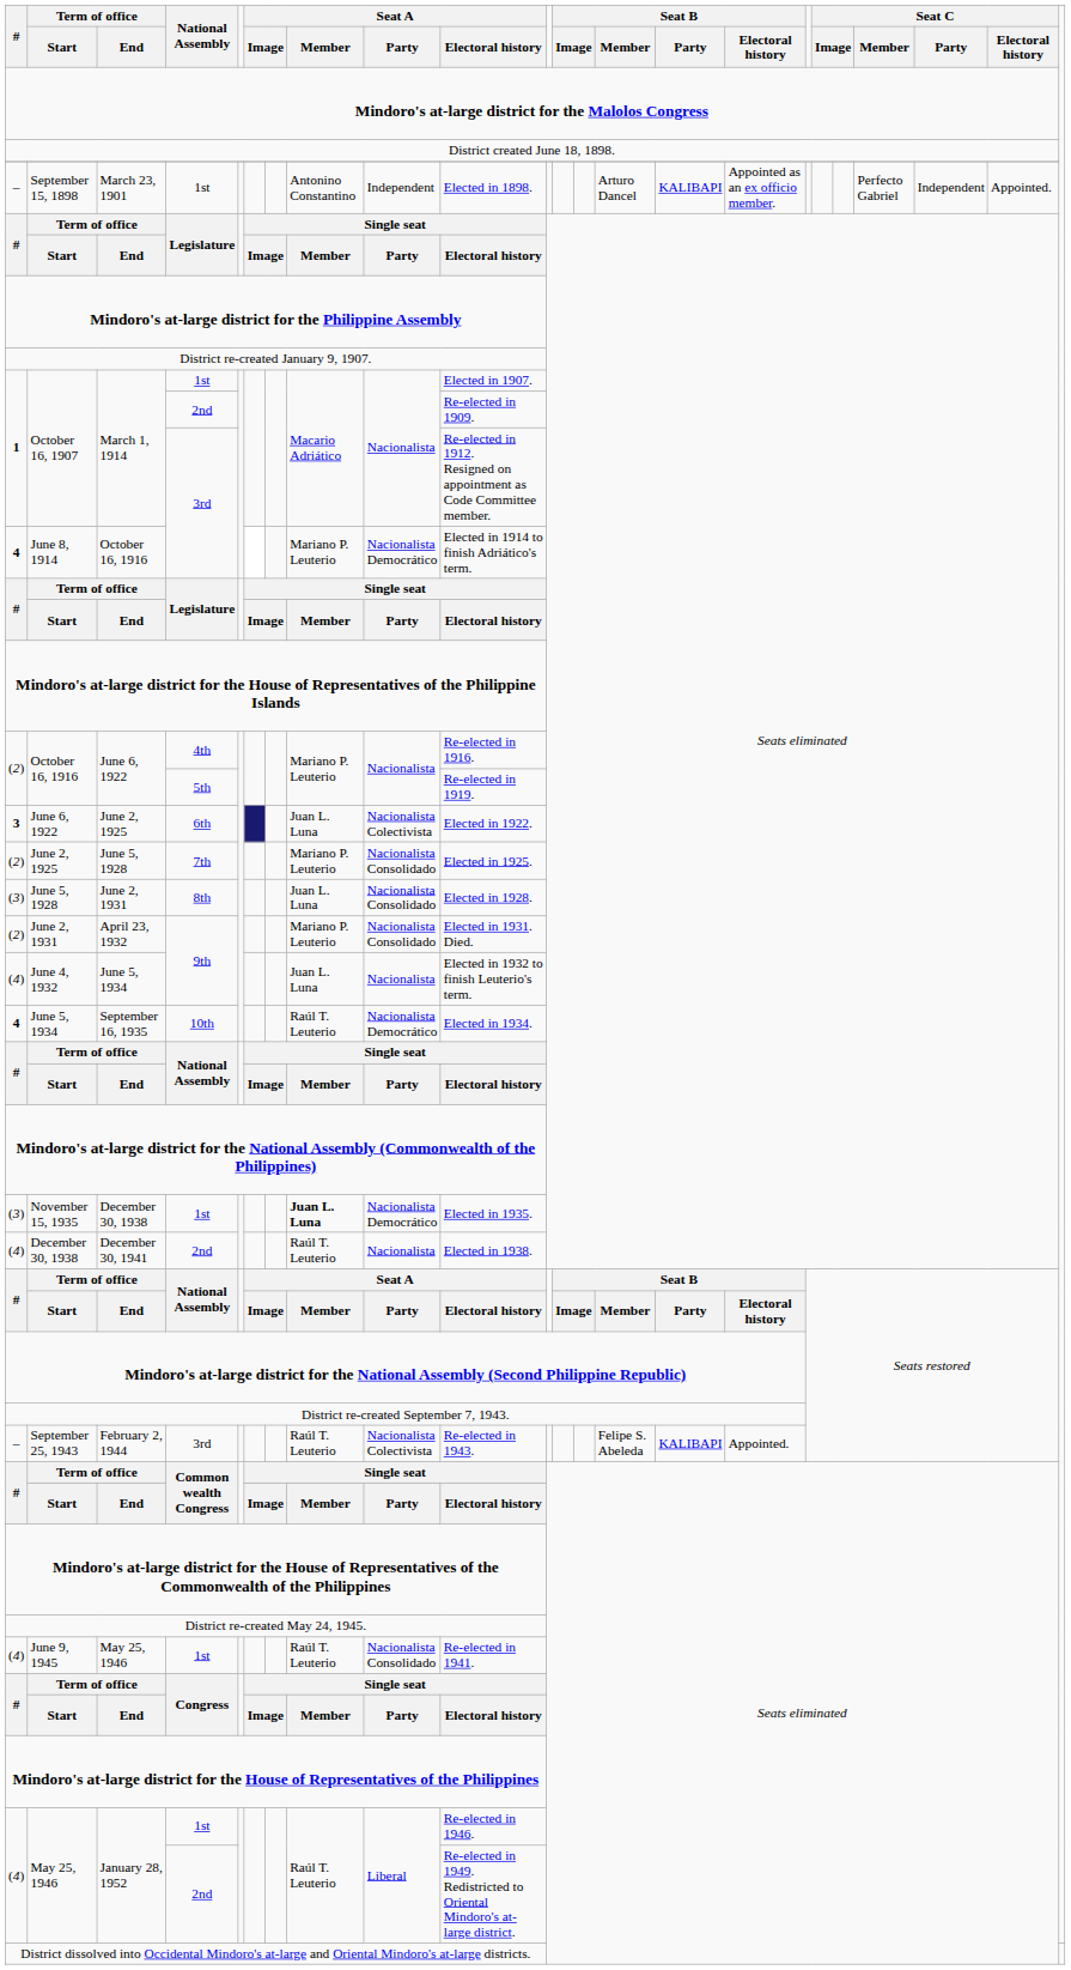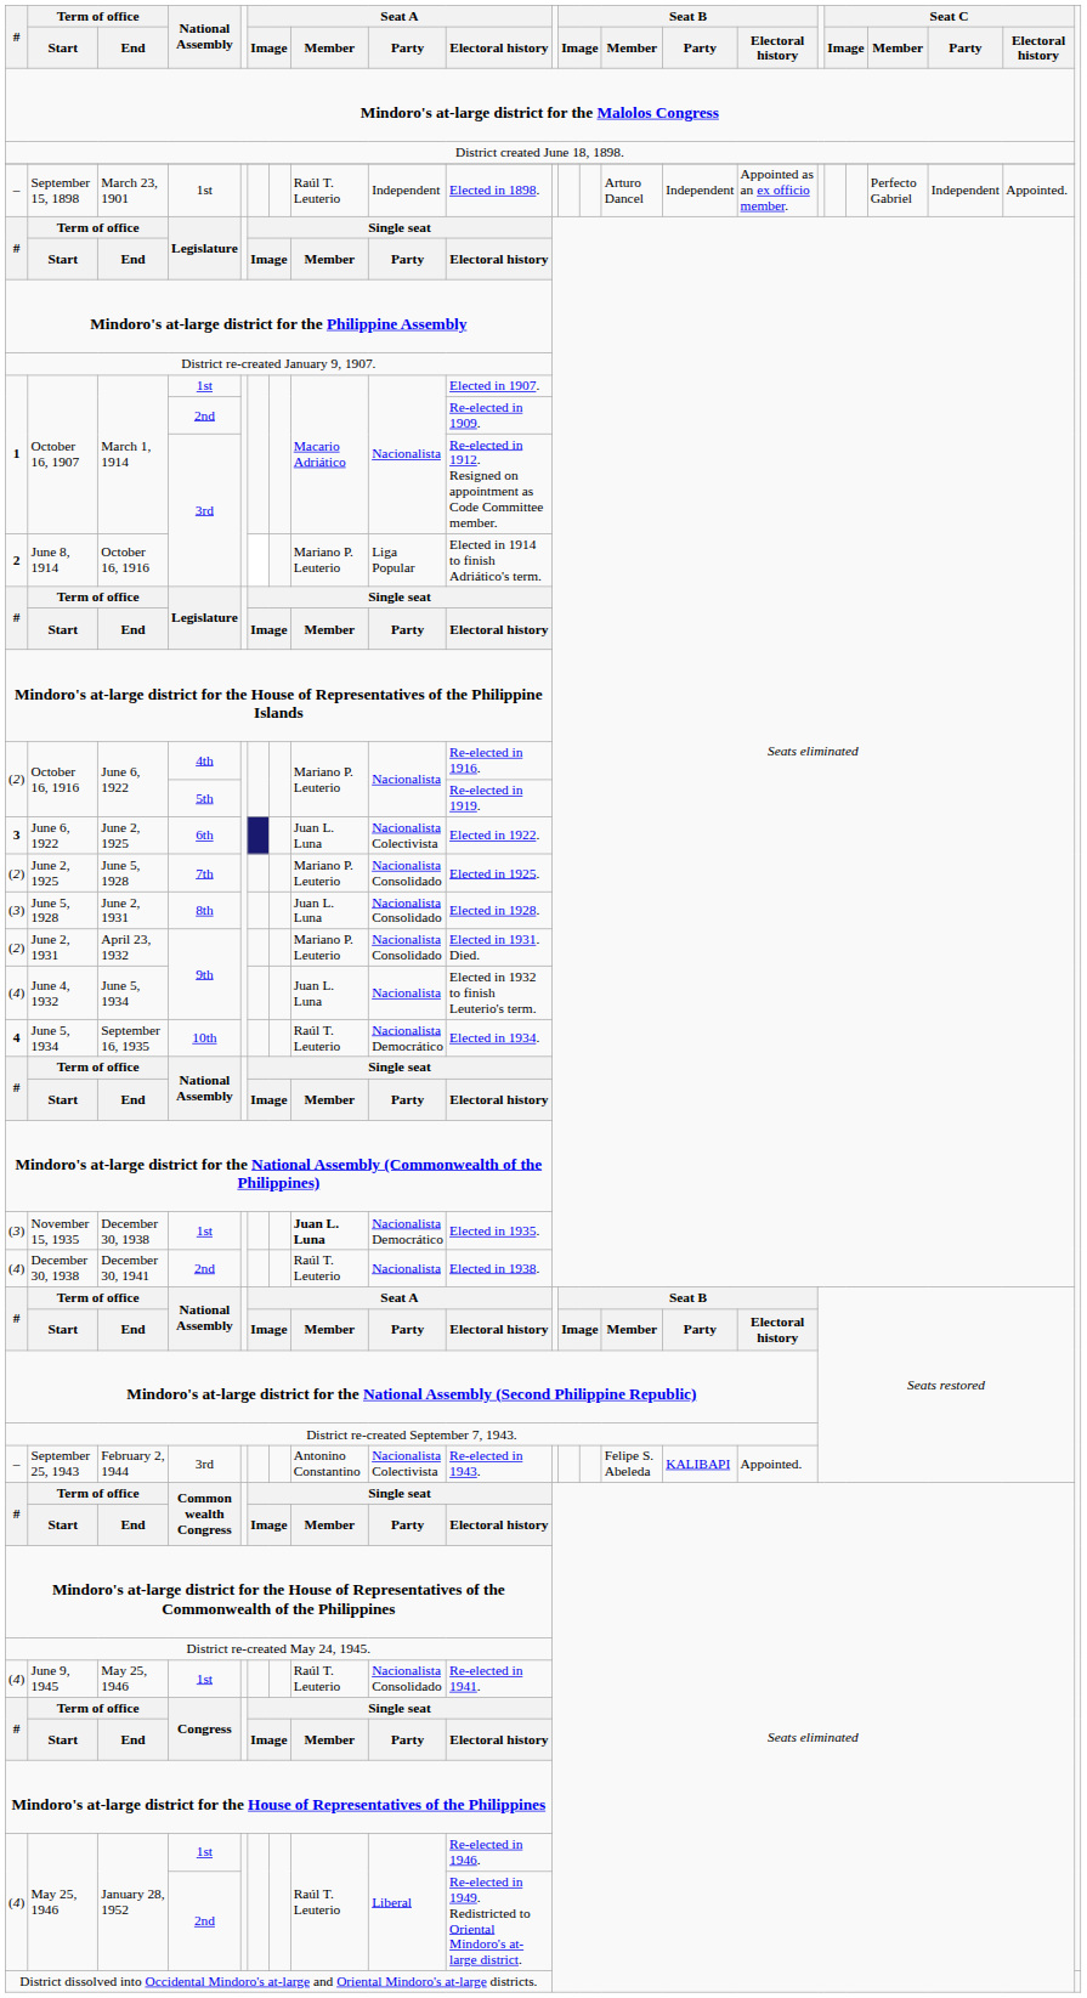 <table class=wikitable>
 <tr>
 <th rowspan=2>#</th>
 <th colspan=2>Term of office</th>
 <th rowspan=2>National<br>Assembly</th>
 <td rowspan=2></td>
 <th colspan=5>Seat A</th>
 <td rowspan=2></td>
 <th colspan=5>Seat B</th>
 <td rowspan=2></td>
 <th colspan=5>Seat C</th>
 </tr>
 <tr style="height:3em">
 <th>Start</th>
 <th>End</th>
 <th colspan="2" style="text-align:center;">Image</th>
 <th>Member</th>
 <th>Party</th>
 <th>Electoral history</th>
 <th colspan="2" style="text-align:center;">Image</th>
 <th>Member</th>
 <th>Party</th>
 <th>Electoral history</th>
 <th colspan="2" style="text-align:center;">Image</th>
 <th>Member</th>
 <th>Party</th>
 <th>Electoral history</th>
 </tr>
 <tr>
 <td colspan="22" style="text-align:center;"><br><h3>Mindoro's at-large district for the <a href='#'>Malolos Congress</a></h3></td>
 </tr>
 <tr>
 <td colspan="22" style="text-align:center;">District created June 18, 1898.</td>
 </tr>
 <tr>
 </tr>
 <tr style="height:3em">
 <td style="text-align:center;">–</td>
 <td>September 15, 1898</td>
 <td>March 23, 1901</td>
 <td style="text-align:center;">1st</td>
 <td></td>
 <td style="color:inherit;background:"></td>
 <td></td>
-<td>Antonino Constantino</td>
+<td>Raúl T. Leuterio</td>
 <td>Independent</td>
 <td><a href='#'>Elected in 1898</a>.</td>
 <td></td>
 <td style="color:inherit;background:"></td>
 <td></td>
 <td>Arturo Dancel</td>
-<td><a href='#'>KALIBAPI</a></td>
+<td>Independent</td>
 <td>Appointed as an <a href='#'>ex officio member</a>.</td>
 <td></td>
 <td style="color:inherit;background:"></td>
 <td></td>
 <td>Perfecto Gabriel</td>
 <td>Independent</td>
 <td>Appointed.</td>
 </tr>
 <tr>
 <th rowspan=2>#</th>
 <th colspan=2>Term of office</th>
 <th rowspan=2>Legislature</th>
 <td rowspan=2></td>
 <th colspan=5>Single seat</th>
 <td rowspan=24 colspan=12 style="text-align:center;"><em>Seats eliminated</em></td>
 </tr>
 <tr style="height:3em">
 <th>Start</th>
 <th>End</th>
 <th colspan="2" style="text-align:center;">Image</th>
 <th>Member</th>
 <th>Party</th>
 <th>Electoral history</th>
 </tr>
 <tr>
 <td colspan="10" style="text-align:center;"><br><h3>Mindoro's at-large district for the <a href='#'>Philippine Assembly</a></h3></td>
 </tr>
 <tr>
 <td colspan="10" style="text-align:center;">District re-created January 9, 1907.</td>
 </tr>
 <tr>
 <td rowspan="3" style="text-align:center;"><strong>1</strong></td>
 <td rowspan="3">October 16, 1907</td>
 <td rowspan="3">March 1, 1914</td>
 <td style="text-align:center;"><a href='#'>1st</a></td>
 <td rowspan="4"></td>
 <td rowspan="3" style="color:inherit;background:"></td>
 <td rowspan="3"></td>
 <td rowspan="3"><a href='#'>Macario Adriático</a></td>
 <td rowspan="3"><a href='#'>Nacionalista</a></td>
 <td><a href='#'>Elected in 1907</a>.</td>
 </tr>
 <tr>
 <td style="text-align:center;"><a href='#'>2nd</a></td>
 <td><a href='#'>Re-elected in 1909</a>.</td>
 </tr>
 <tr>
 <td rowspan="2" style="text-align:center;"><a href='#'>3rd</a></td>
 <td><a href='#'>Re-elected in 1912</a>.<br>Resigned on appointment as Code Committee member.</td>
 </tr>
 <tr>
-<td style="text-align:center;"><strong>4</strong></td>
+<td style="text-align:center;"><strong>2</strong></td>
 <td>June 8, 1914</td>
 <td>October 16, 1916</td>
 <td style="background-color:#FFFFFF"></td>
 <td></td>
 <td>Mariano P. Leuterio</td>
-<td><a href='#'>Nacionalista</a><br>Democrático</td>
+<td>Liga Popular</td>
 <td>Elected in 1914 to finish Adriático's term.</td>
 </tr>
 <tr>
 <th rowspan=2>#</th>
 <th colspan=2>Term of office</th>
 <th rowspan=2>Legislature</th>
 <td rowspan=2></td>
 <th colspan=5>Single seat</th>
 </tr>
 <tr style="height:3em">
 <th>Start</th>
 <th>End</th>
 <th colspan="2" style="text-align:center;">Image</th>
 <th>Member</th>
 <th>Party</th>
 <th>Electoral history</th>
 </tr>
 <tr>
 <td colspan="10" style="text-align:center;"><br><h3>Mindoro's at-large district for the House of Representatives of the Philippine Islands</h3></td>
 </tr>
 <tr>
 <td rowspan="2" style="text-align:center;">(<em>2</em>)</td>
 <td rowspan="2">October 16, 1916</td>
 <td rowspan="2">June 6, 1922</td>
 <td style="text-align:center;"><a href='#'>4th</a></td>
 <td rowspan=8></td>
 <td rowspan="2" style="color:inherit;background:"></td>
 <td rowspan="2"></td>
 <td rowspan="2">Mariano P. Leuterio</td>
 <td rowspan="2"><a href='#'>Nacionalista</a></td>
 <td><a href='#'>Re-elected in 1916</a>.</td>
 </tr>
 <tr>
 <td style="text-align:center;"><a href='#'>5th</a></td>
 <td><a href='#'>Re-elected in 1919</a>.</td>
 </tr>
 <tr>
 <td style="text-align:center;"><strong>3</strong></td>
 <td>June 6, 1922</td>
 <td>June 2, 1925</td>
 <td style="text-align:center;"><a href='#'>6th</a></td>
 <td style="background-color:#191970"></td>
 <td></td>
 <td>Juan L. Luna</td>
 <td><a href='#'>Nacionalista</a><br>Colectivista</td>
 <td><a href='#'>Elected in 1922</a>.</td>
 </tr>
 <tr>
 <td style="text-align:center;">(<em>2</em>)</td>
 <td>June 2, 1925</td>
 <td>June 5, 1928</td>
 <td style="text-align:center;"><a href='#'>7th</a></td>
 <td style="color:inherit;background:"></td>
 <td></td>
 <td>Mariano P. Leuterio</td>
 <td><a href='#'>Nacionalista</a><br>Consolidado</td>
 <td><a href='#'>Elected in 1925</a>.</td>
 </tr>
 <tr>
 <td style="text-align:center;">(<em>3</em>)</td>
 <td>June 5, 1928</td>
 <td>June 2, 1931</td>
 <td style="text-align:center;"><a href='#'>8th</a></td>
 <td style="color:inherit;background:"></td>
 <td></td>
 <td>Juan L. Luna</td>
 <td><a href='#'>Nacionalista</a><br>Consolidado</td>
 <td><a href='#'>Elected in 1928</a>.</td>
 </tr>
 <tr>
 <td style="text-align:center;">(<em>2</em>)</td>
 <td>June 2, 1931</td>
 <td>April 23, 1932</td>
 <td rowspan="2" style="text-align:center;"><a href='#'>9th</a></td>
 <td style="color:inherit;background:"></td>
 <td></td>
 <td>Mariano P. Leuterio</td>
 <td><a href='#'>Nacionalista</a><br>Consolidado</td>
 <td><a href='#'>Elected in 1931</a>.<br>Died.</td>
 </tr>
 <tr>
 <td style="text-align:center;">(<em>4</em>)</td>
 <td>June 4, 1932</td>
 <td>June 5, 1934</td>
 <td style="color:inherit;background:"></td>
 <td></td>
 <td>Juan L. Luna</td>
 <td><a href='#'>Nacionalista</a></td>
 <td>Elected in 1932 to finish Leuterio's term.</td>
 </tr>
 <tr>
 <td style="text-align:center;"><strong>4</strong></td>
 <td>June 5, 1934</td>
 <td>September 16, 1935</td>
 <td style="text-align:center;"><a href='#'>10th</a></td>
 <td style="color:inherit;background:"></td>
 <td></td>
 <td>Raúl T. Leuterio</td>
 <td><a href='#'>Nacionalista</a><br>Democrático</td>
 <td><a href='#'>Elected in 1934</a>.</td>
 </tr>
 <tr>
 <th rowspan=2>#</th>
 <th colspan=2>Term of office</th>
 <th rowspan=2>National<br>Assembly</th>
 <td rowspan=2></td>
 <th colspan=5>Single seat</th>
 </tr>
 <tr style="height:3em">
 <th>Start</th>
 <th>End</th>
 <th colspan="2" style="text-align:center;">Image</th>
 <th>Member</th>
 <th>Party</th>
 <th>Electoral history</th>
 </tr>
 <tr>
 <td colspan="10" style="text-align:center;"><br><h3>Mindoro's at-large district for the <a href='#'>National Assembly (Commonwealth of the Philippines)</a></h3></td>
 </tr>
 <tr>
 <td style="text-align:center;">(<em>3</em>)</td>
 <td>November 15, 1935</td>
 <td>December 30, 1938</td>
 <td style="text-align:center;"><a href='#'>1st</a></td>
 <td rowspan=2></td>
 <td style="color:inherit;background:"></td>
 <td></td>
 <td><strong>Juan L. Luna</strong></td>
 <td><a href='#'>Nacionalista</a><br>Democrático</td>
 <td><a href='#'>Elected in 1935</a>.</td>
 </tr>
 <tr>
 <td style="text-align:center;">(<em>4</em>)</td>
 <td>December 30, 1938</td>
 <td>December 30, 1941</td>
 <td style="text-align:center;"><a href='#'>2nd</a></td>
 <td style="color:inherit;background:"></td>
 <td></td>
 <td>Raúl T. Leuterio</td>
 <td><a href='#'>Nacionalista</a></td>
 <td><a href='#'>Elected in 1938</a>.</td>
 </tr>
 <tr>
 <th rowspan=2>#</th>
 <th colspan=2>Term of office</th>
 <th rowspan=2>National<br>Assembly</th>
 <td rowspan=2></td>
 <th colspan=5>Seat A</th>
 <td rowspan=2></td>
 <th colspan=5>Seat B</th>
 <td rowspan=5 colspan=6 style="text-align:center;"><em>Seats restored</em></td>
 </tr>
 <tr style="height:3em">
 <th>Start</th>
 <th>End</th>
 <th colspan="2" style="text-align:center;">Image</th>
 <th>Member</th>
 <th>Party</th>
 <th>Electoral history</th>
 <th colspan="2" style="text-align:center;">Image</th>
 <th>Member</th>
 <th>Party</th>
 <th>Electoral history</th>
 </tr>
 <tr>
 <td colspan="16" style="text-align:center;"><br><h3>Mindoro's at-large district for the <a href='#'>National Assembly (Second Philippine Republic)</a></h3></td>
 </tr>
 <tr>
 <td colspan="16" style="text-align:center;">District re-created September 7, 1943.</td>
 </tr>
 <tr>
 <td style="text-align:center;">–</td>
 <td>September 25, 1943</td>
 <td>February 2, 1944</td>
 <td style="text-align:center;">3rd</td>
 <td></td>
 <td style="color:inherit;background:"></td>
 <td></td>
-<td>Raúl T. Leuterio</td>
+<td>Antonino Constantino</td>
 <td><a href='#'>Nacionalista</a><br>Colectivista</td>
 <td><a href='#'>Re-elected in 1943</a>.</td>
 <td></td>
 <td style="color:inherit;background:"></td>
 <td></td>
 <td>Felipe S. Abeleda</td>
 <td><a href='#'>KALIBAPI</a></td>
 <td>Appointed.</td>
 </tr>
 <tr>
 <th rowspan=2>#</th>
 <th colspan=2>Term of office</th>
 <th rowspan=2>Common<br>wealth<br>Congress</th>
 <td rowspan=2></td>
 <th colspan=5>Single seat</th>
 <td rowspan=11 colspan=12 style="text-align:center;"><em>Seats eliminated</em></td>
 </tr>
 <tr style="height:3em">
 <th>Start</th>
 <th>End</th>
 <th colspan="2" style="text-align:center;">Image</th>
 <th>Member</th>
 <th>Party</th>
 <th>Electoral history</th>
 </tr>
 <tr>
 <td colspan="10" style="text-align:center;"><br><h3>Mindoro's at-large district for the House of Representatives of the Commonwealth of the Philippines</h3></td>
 </tr>
 <tr>
 <td colspan="10" style="text-align:center;">District re-created May 24, 1945.</td>
 </tr>
 <tr>
 <td style="text-align:center;">(<em>4</em>)</td>
 <td>June 9, 1945</td>
 <td>May 25, 1946</td>
 <td style="text-align:center;"><a href='#'>1st</a></td>
 <td></td>
 <td style="color:inherit;background:"></td>
 <td></td>
 <td>Raúl T. Leuterio</td>
 <td><a href='#'>Nacionalista</a><br>Consolidado</td>
 <td><a href='#'>Re-elected in 1941</a>.</td>
 </tr>
 <tr>
 <th rowspan=2>#</th>
 <th colspan=2>Term of office</th>
 <th rowspan=2>Congress</th>
 <td rowspan=2></td>
 <th colspan=5>Single seat</th>
 </tr>
 <tr style="height:3em">
 <th>Start</th>
 <th>End</th>
 <th colspan="2" style="text-align:center;">Image</th>
 <th>Member</th>
 <th>Party</th>
 <th>Electoral history</th>
 </tr>
 <tr>
 <td colspan="10" style="text-align:center;"><br><h3>Mindoro's at-large district for the <a href='#'>House of Representatives of the Philippines</a></h3></td>
 </tr>
 <tr>
 <td rowspan="2" style="text-align:center;">(<em>4</em>)</td>
 <td rowspan="2">May 25, 1946</td>
 <td rowspan="2">January 28, 1952</td>
 <td style="text-align:center;"><a href='#'>1st</a></td>
 <td rowspan=2></td>
 <td rowspan="2" style="color:inherit;background:"></td>
 <td rowspan="2"></td>
 <td rowspan="2">Raúl T. Leuterio</td>
 <td rowspan="2"><a href='#'>Liberal</a></td>
 <td><a href='#'>Re-elected in 1946</a>.</td>
 </tr>
 <tr>
 <td style="text-align:center;"><a href='#'>2nd</a></td>
 <td><a href='#'>Re-elected in 1949</a>. Redistricted to <a href='#'>Oriental Mindoro's at-large district</a>.</td>
 </tr>
 <tr>
 <td colspan="10" style="text-align:center;">District dissolved into <a href='#'>Occidental Mindoro's at-large</a> and <a href='#'>Oriental Mindoro's at-large</a> districts.</td>
 <td colspan="15"></td>
 </tr>
 </table>
